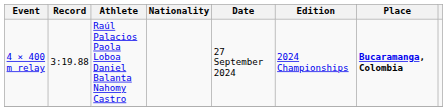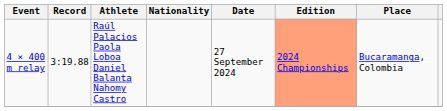 <table class="wikitable" style="font-size:95%; width: 95%;">
 <tr>
 <th>Event</th>
 <th>Record</th>
 <th>Athlete</th>
 <th>Nationality</th>
 <th>Date</th>
 <th>Edition</th>
 <th>Place</th>
 <th></th>
 </tr>
 <tr>
 <td><a href='#'>4 × 400 m relay</a></td>
 <td>3:19.88</td>
 <td><a href='#'>Raúl Palacios</a><br><a href='#'>Paola Loboa</a><br><a href='#'>Daniel Balanta</a><br><a href='#'>Nahomy Castro</a></td>
 <td></td>
 <td>27 September 2024</td>
-<td><a href='#'>2024 Championships</a></td>
-<td><strong><a href='#'>Bucaramanga</a>, Colombia</strong></td>
+<td style="background: lightsalmon;"><a href='#'>2024 Championships</a></td>
+<td><a href='#'>Bucaramanga</a>, Colombia</td>
 <td></td>
 </tr>
 <tr>
 </tr>
 </table>
